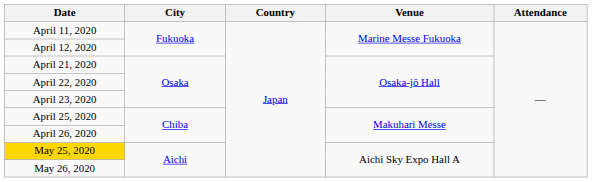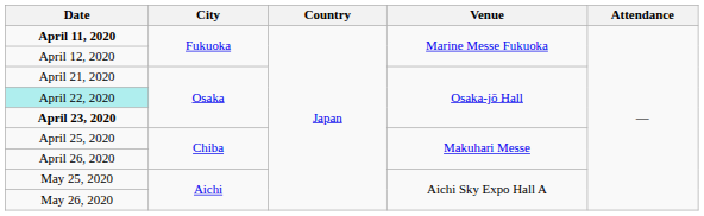 <table class="wikitable" style="text-align:center;">
 <tr>
 <th width="170">Date</th>
 <th width="140">City</th>
 <th width="140">Country</th>
 <th width="240">Venue</th>
 <th width="130">Attendance</th>
 </tr>
 <tr>
-<td>April 11, 2020</td>
+<td><strong>April 11, 2020</strong></td>
 <td rowspan="2"><a href='#'>Fukuoka</a></td>
 <td rowspan="9"><a href='#'>Japan</a></td>
 <td rowspan="2"><a href='#'>Marine Messe Fukuoka</a></td>
 <td rowspan="9">—</td>
 </tr>
 <tr>
 <td>April 12, 2020</td>
 </tr>
 <tr>
 <td>April 21, 2020</td>
 <td rowspan="3"><a href='#'>Osaka</a></td>
 <td rowspan="3"><a href='#'>Osaka-jō Hall</a></td>
 </tr>
 <tr>
-<td>April 22, 2020</td>
+<td style="background: paleturquoise;">April 22, 2020</td>
 </tr>
 <tr>
-<td>April 23, 2020</td>
+<td><strong>April 23, 2020</strong></td>
 </tr>
 <tr>
 <td>April 25, 2020</td>
 <td rowspan="2"><a href='#'>Chiba</a></td>
 <td rowspan="2"><a href='#'>Makuhari Messe</a></td>
 </tr>
 <tr>
 <td>April 26, 2020</td>
 </tr>
 <tr>
-<td style="background: gold;">May 25, 2020</td>
+<td>May 25, 2020</td>
 <td rowspan="2"><a href='#'>Aichi</a></td>
 <td rowspan="2">Aichi Sky Expo Hall A</td>
 </tr>
 <tr>
 <td>May 26, 2020</td>
 </tr>
 </table>
